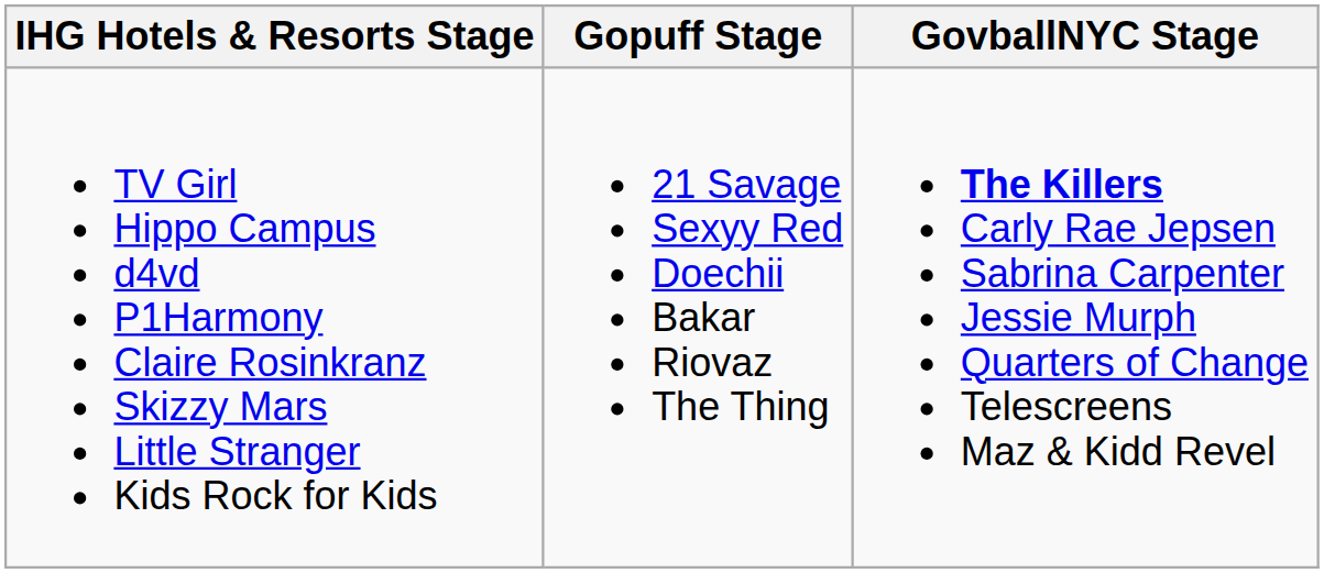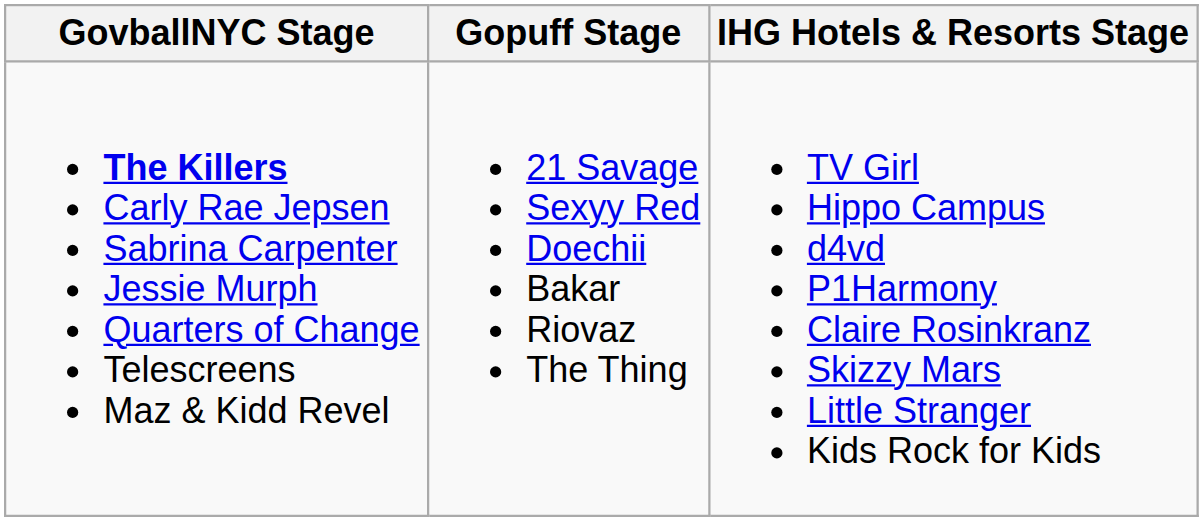 <table class="wikitable">
 <tr>
+<th>GovballNYC Stage</th>
+<th>Gopuff Stage</th>
 <th>IHG Hotels & Resorts Stage</th>
-<th>Gopuff Stage</th>
-<th>GovballNYC Stage</th>
 </tr>
 <tr valign="top">
+<td><br><ul><li><strong><a href='#'>The Killers</a></strong></li><li><a href='#'>Carly Rae Jepsen</a></li><li><a href='#'>Sabrina Carpenter</a></li><li><a href='#'>Jessie Murph</a></li><li><a href='#'>Quarters of Change</a></li><li>Telescreens</li><li>Maz & Kidd Revel</li></ul></td>
+<td><br><ul><li><a href='#'>21 Savage</a></li><li><a href='#'>Sexyy Red</a></li><li><a href='#'>Doechii</a></li><li>Bakar</li><li>Riovaz</li><li>The Thing</li></ul></td>
 <td><br><ul><li><a href='#'>TV Girl</a></li><li><a href='#'>Hippo Campus</a></li><li><a href='#'>d4vd</a></li><li><a href='#'>P1Harmony</a></li><li><a href='#'>Claire Rosinkranz</a></li><li><a href='#'>Skizzy Mars</a></li><li><a href='#'>Little Stranger</a></li><li>Kids Rock for Kids</li></ul></td>
-<td><br><ul><li><a href='#'>21 Savage</a></li><li><a href='#'>Sexyy Red</a></li><li><a href='#'>Doechii</a></li><li>Bakar</li><li>Riovaz</li><li>The Thing</li></ul></td>
-<td><br><ul><li><strong><a href='#'>The Killers</a></strong></li><li><a href='#'>Carly Rae Jepsen</a></li><li><a href='#'>Sabrina Carpenter</a></li><li><a href='#'>Jessie Murph</a></li><li><a href='#'>Quarters of Change</a></li><li>Telescreens</li><li>Maz & Kidd Revel</li></ul></td>
 </tr>
 </table>
